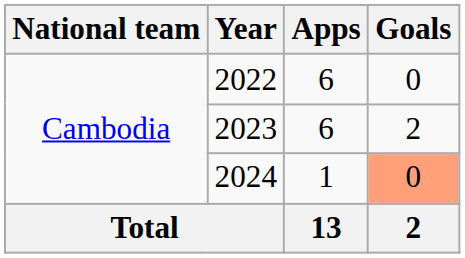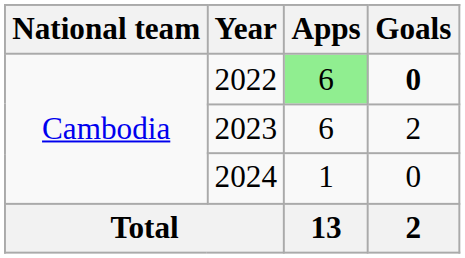 <table class="wikitable" style="text-align:center">
 <tr>
 <th>National team</th>
 <th>Year</th>
 <th>Apps</th>
 <th>Goals</th>
 </tr>
 <tr>
 <td rowspan="3"><a href='#'>Cambodia</a></td>
 <td>2022</td>
-<td>6</td>
-<td>0</td>
+<td style="background: lightgreen;">6</td>
+<td><strong>0</strong></td>
 </tr>
 <tr>
 <td>2023</td>
 <td>6</td>
 <td>2</td>
 </tr>
 <tr>
 <td>2024</td>
 <td>1</td>
-<td style="background: lightsalmon;">0</td>
+<td>0</td>
 </tr>
 <tr>
 <th colspan="2">Total</th>
 <th>13</th>
 <th>2</th>
 </tr>
 </table>
